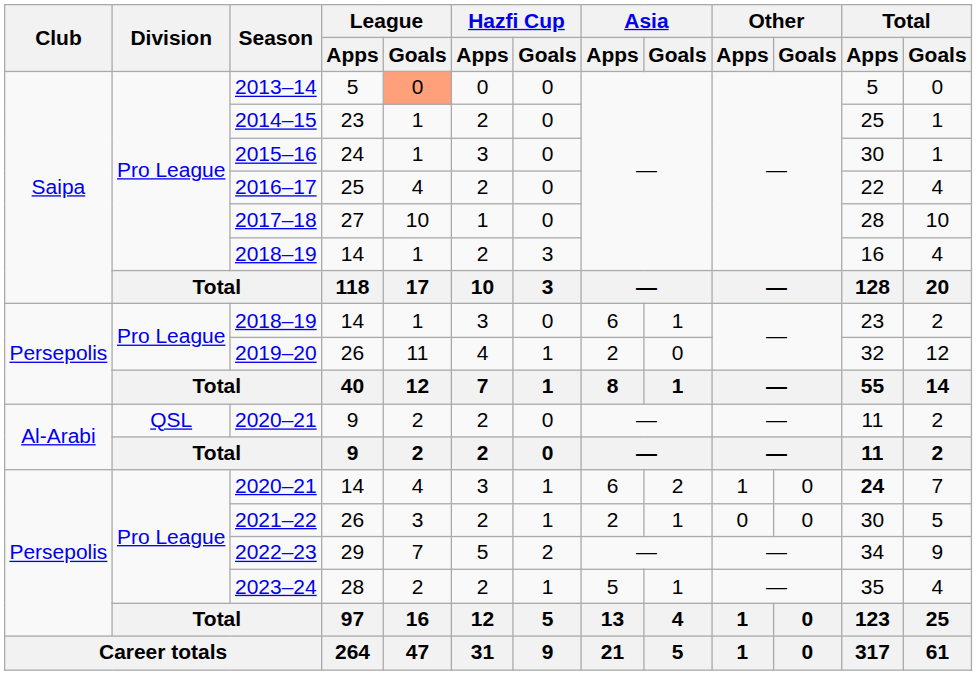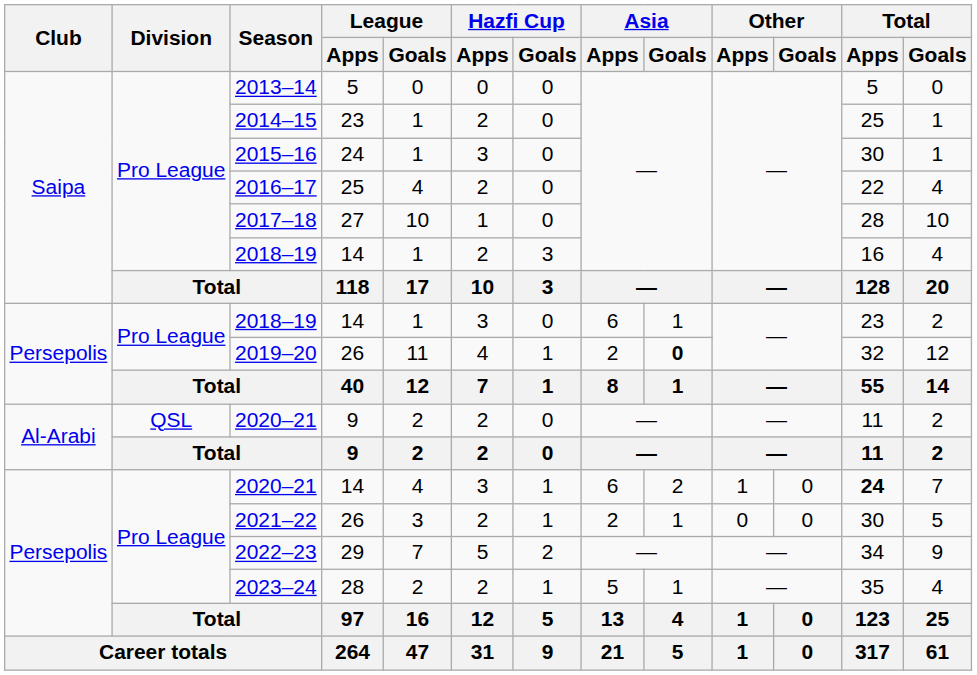 <table class="wikitable" style="text-align: center;">
 <tr>
 <th rowspan="2">Club</th>
 <th rowspan="2">Division</th>
 <th rowspan="2">Season</th>
 <th colspan="2">League</th>
 <th colspan="2"><a href='#'>Hazfi Cup</a></th>
 <th colspan="2"><a href='#'>Asia</a></th>
 <th colspan="2">Other</th>
 <th colspan="2">Total</th>
 </tr>
 <tr>
 <th>Apps</th>
 <th>Goals</th>
 <th>Apps</th>
 <th>Goals</th>
 <th>Apps</th>
 <th>Goals</th>
 <th>Apps</th>
 <th>Goals</th>
 <th>Apps</th>
 <th>Goals</th>
 </tr>
 <tr>
 <td rowspan="7"><a href='#'>Saipa</a></td>
 <td rowspan="6"><a href='#'>Pro League</a></td>
 <td><a href='#'>2013–14</a></td>
 <td>5</td>
-<td style="background: lightsalmon;">0</td>
+<td>0</td>
 <td>0</td>
 <td>0</td>
 <td colspan="2" rowspan="6">—</td>
 <td colspan="2" rowspan="6">—</td>
 <td>5</td>
 <td>0</td>
 </tr>
 <tr>
 <td><a href='#'>2014–15</a></td>
 <td>23</td>
 <td>1</td>
 <td>2</td>
 <td>0</td>
 <td>25</td>
 <td>1</td>
 </tr>
 <tr>
 <td><a href='#'>2015–16</a></td>
 <td>24</td>
 <td>1</td>
 <td>3</td>
 <td>0</td>
 <td>30</td>
 <td>1</td>
 </tr>
 <tr>
 <td><a href='#'>2016–17</a></td>
 <td>25</td>
 <td>4</td>
 <td>2</td>
 <td>0</td>
 <td>22</td>
 <td>4</td>
 </tr>
 <tr>
 <td><a href='#'>2017–18</a></td>
 <td>27</td>
 <td>10</td>
 <td>1</td>
 <td>0</td>
 <td>28</td>
 <td>10</td>
 </tr>
 <tr>
 <td><a href='#'>2018–19</a></td>
 <td>14</td>
 <td>1</td>
 <td>2</td>
 <td>3</td>
 <td>16</td>
 <td>4</td>
 </tr>
 <tr>
 <th colspan=2>Total</th>
 <th>118</th>
 <th>17</th>
 <th>10</th>
 <th>3</th>
 <th colspan=2>—</th>
 <th colspan="2">—</th>
 <th>128</th>
 <th>20</th>
 </tr>
 <tr>
 <td rowspan="3"><a href='#'>Persepolis</a></td>
 <td rowspan="2"><a href='#'>Pro League</a></td>
 <td><a href='#'>2018–19</a></td>
 <td>14</td>
 <td>1</td>
 <td>3</td>
 <td>0</td>
 <td>6</td>
 <td>1</td>
 <td colspan="2" rowspan="2">—</td>
 <td>23</td>
 <td>2</td>
 </tr>
 <tr>
 <td><a href='#'>2019–20</a></td>
 <td>26</td>
 <td>11</td>
 <td>4</td>
 <td>1</td>
 <td>2</td>
-<td>0</td>
+<td><strong>0</strong></td>
 <td>32</td>
 <td>12</td>
 </tr>
 <tr>
 <th colspan=2>Total</th>
 <th>40</th>
 <th>12</th>
 <th>7</th>
 <th>1</th>
 <th>8</th>
 <th>1</th>
 <th colspan="2">—</th>
 <th>55</th>
 <th>14</th>
 </tr>
 <tr>
 <td rowspan="2"><a href='#'>Al-Arabi</a></td>
 <td rowspan="1"><a href='#'>QSL</a></td>
 <td><a href='#'>2020–21</a></td>
 <td>9</td>
 <td>2</td>
 <td>2</td>
 <td>0</td>
 <td colspan=2>—</td>
 <td colspan="2">—</td>
 <td>11</td>
 <td>2</td>
 </tr>
 <tr>
 <th colspan=2>Total</th>
 <th>9</th>
 <th>2</th>
 <th>2</th>
 <th>0</th>
 <th colspan=2>—</th>
 <th colspan="2">—</th>
 <th>11</th>
 <th>2</th>
 </tr>
 <tr>
 <td rowspan="5"><a href='#'>Persepolis</a></td>
 <td rowspan="4"><a href='#'>Pro League</a></td>
 <td><a href='#'>2020–21</a></td>
 <td>14</td>
 <td>4</td>
 <td>3</td>
 <td>1</td>
 <td>6</td>
 <td>2</td>
 <td>1</td>
 <td>0</td>
 <td><strong>24</strong></td>
 <td>7</td>
 </tr>
 <tr>
 <td><a href='#'>2021–22</a></td>
 <td>26</td>
 <td>3</td>
 <td>2</td>
 <td>1</td>
 <td>2</td>
 <td>1</td>
 <td>0</td>
 <td>0</td>
 <td>30</td>
 <td>5</td>
 </tr>
 <tr>
 <td><a href='#'>2022–23</a></td>
 <td>29</td>
 <td>7</td>
 <td>5</td>
 <td>2</td>
 <td colspan=2>—</td>
 <td colspan=2>—</td>
 <td>34</td>
 <td>9</td>
 </tr>
 <tr>
 <td><a href='#'>2023–24</a></td>
 <td>28</td>
 <td>2</td>
 <td>2</td>
 <td>1</td>
 <td>5</td>
 <td>1</td>
 <td colspan="2">—</td>
 <td>35</td>
 <td>4</td>
 </tr>
 <tr>
 <th colspan="2">Total</th>
 <th>97</th>
 <th>16</th>
 <th>12</th>
 <th>5</th>
 <th>13</th>
 <th>4</th>
 <th>1</th>
 <th>0</th>
 <th>123</th>
 <th>25</th>
 </tr>
 <tr>
 <th colspan="3">Career totals</th>
 <th>264</th>
 <th>47</th>
 <th>31</th>
 <th>9</th>
 <th>21</th>
 <th>5</th>
 <th>1</th>
 <th>0</th>
 <th>317</th>
 <th>61</th>
 </tr>
 </table>
